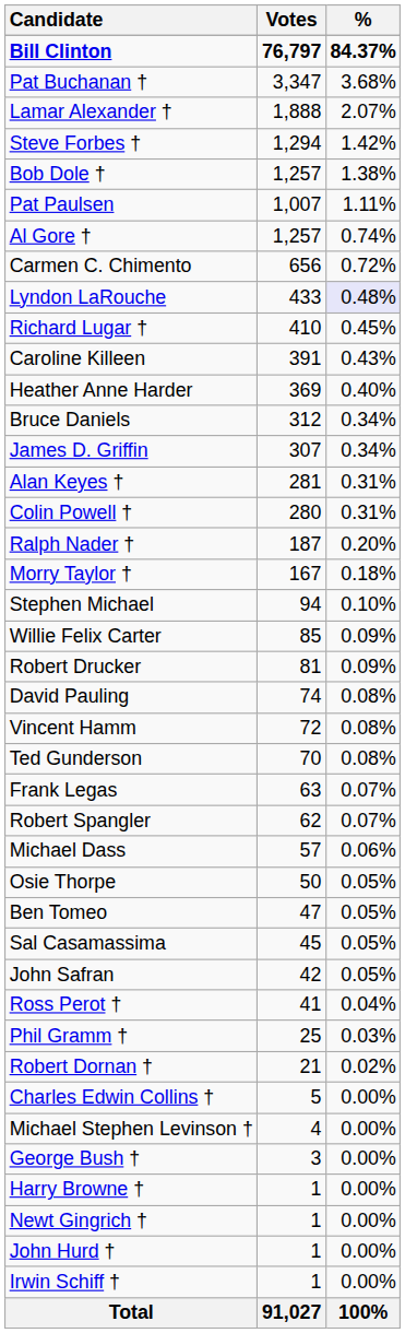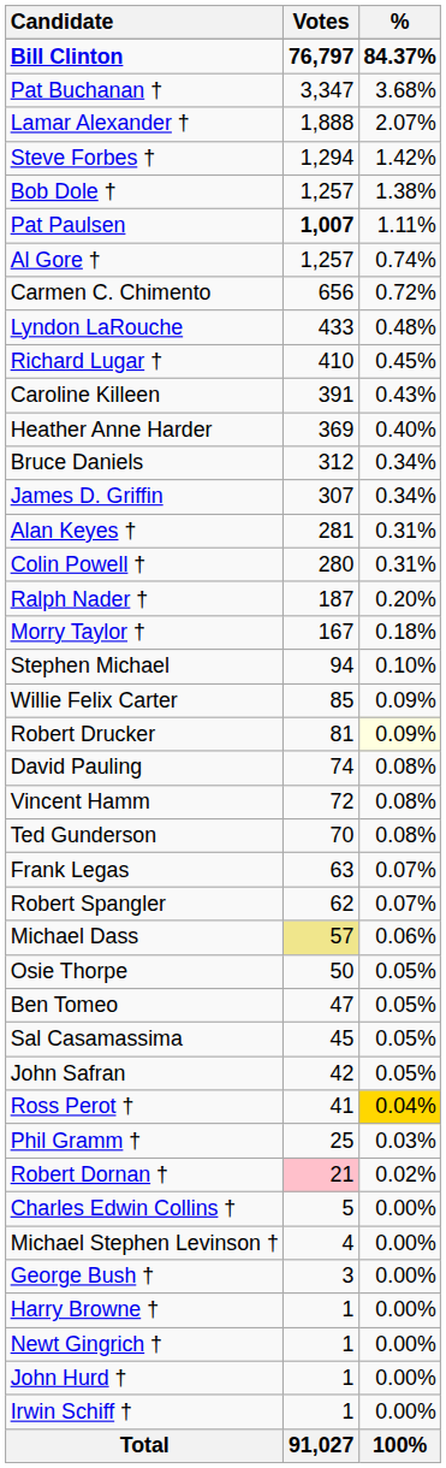 <table class="wikitable sortable plainrowheaders" style="text-align:right;">
 <tr>
 <th style="text-align:left;">Candidate</th>
 <th>Votes</th>
 <th>%</th>
 </tr>
 <tr>
 </tr>
 <tr>
 <td style="text-align:left;"><strong><a href='#'>Bill Clinton</a></strong></td>
 <td><strong>76,797</strong></td>
 <td><strong>84.37%</strong></td>
 </tr>
 <tr>
 <td style="text-align:left;"><a href='#'>Pat Buchanan</a> †</td>
 <td>3,347</td>
 <td>3.68%</td>
 </tr>
 <tr>
 <td style="text-align:left;"><a href='#'>Lamar Alexander</a> †</td>
 <td>1,888</td>
 <td>2.07%</td>
 </tr>
 <tr>
 <td style="text-align:left;"><a href='#'>Steve Forbes</a> †</td>
 <td>1,294</td>
 <td>1.42%</td>
 </tr>
 <tr>
 <td style="text-align:left;"><a href='#'>Bob Dole</a> †</td>
 <td>1,257</td>
 <td>1.38%</td>
 </tr>
 <tr>
 <td style="text-align:left;"><a href='#'>Pat Paulsen</a></td>
-<td>1,007</td>
+<td><strong>1,007</strong></td>
 <td>1.11%</td>
 </tr>
 <tr>
 <td style="text-align:left;"><a href='#'>Al Gore</a> †</td>
 <td>1,257</td>
 <td>0.74%</td>
 </tr>
 <tr>
 <td style="text-align:left;">Carmen C. Chimento</td>
 <td>656</td>
 <td>0.72%</td>
 </tr>
 <tr>
 <td style="text-align:left;"><a href='#'>Lyndon LaRouche</a></td>
 <td>433</td>
-<td style="background: lavender;">0.48%</td>
+<td>0.48%</td>
 </tr>
 <tr>
 <td style="text-align:left;"><a href='#'>Richard Lugar</a> †</td>
 <td>410</td>
 <td>0.45%</td>
 </tr>
 <tr>
 <td style="text-align:left;">Caroline Killeen</td>
 <td>391</td>
 <td>0.43%</td>
 </tr>
 <tr>
 <td style="text-align:left;">Heather Anne Harder</td>
 <td>369</td>
 <td>0.40%</td>
 </tr>
 <tr>
 <td style="text-align:left;">Bruce Daniels</td>
 <td>312</td>
 <td>0.34%</td>
 </tr>
 <tr>
 <td style="text-align:left;"><a href='#'>James D. Griffin</a></td>
 <td>307</td>
 <td>0.34%</td>
 </tr>
 <tr>
 <td style="text-align:left;"><a href='#'>Alan Keyes</a> †</td>
 <td>281</td>
 <td>0.31%</td>
 </tr>
 <tr>
 <td style="text-align:left;"><a href='#'>Colin Powell</a> †</td>
 <td>280</td>
 <td>0.31%</td>
 </tr>
 <tr>
 <td style="text-align:left;"><a href='#'>Ralph Nader</a> †</td>
 <td>187</td>
 <td>0.20%</td>
 </tr>
 <tr>
 <td style="text-align:left;"><a href='#'>Morry Taylor</a> †</td>
 <td>167</td>
 <td>0.18%</td>
 </tr>
 <tr>
 <td style="text-align:left;">Stephen Michael</td>
 <td>94</td>
 <td>0.10%</td>
 </tr>
 <tr>
 <td style="text-align:left;">Willie Felix Carter</td>
 <td>85</td>
 <td>0.09%</td>
 </tr>
 <tr>
 <td style="text-align:left;">Robert Drucker</td>
 <td>81</td>
-<td>0.09%</td>
+<td style="background: lightyellow;">0.09%</td>
 </tr>
 <tr>
 <td style="text-align:left;">David Pauling</td>
 <td>74</td>
 <td>0.08%</td>
 </tr>
 <tr>
 <td style="text-align:left;">Vincent Hamm</td>
 <td>72</td>
 <td>0.08%</td>
 </tr>
 <tr>
 <td style="text-align:left;">Ted Gunderson</td>
 <td>70</td>
 <td>0.08%</td>
 </tr>
 <tr>
 <td style="text-align:left;">Frank Legas</td>
 <td>63</td>
 <td>0.07%</td>
 </tr>
 <tr>
 <td style="text-align:left;">Robert Spangler</td>
 <td>62</td>
 <td>0.07%</td>
 </tr>
 <tr>
 <td style="text-align:left;">Michael Dass</td>
-<td>57</td>
+<td style="background: khaki;">57</td>
 <td>0.06%</td>
 </tr>
 <tr>
 <td style="text-align:left;">Osie Thorpe</td>
 <td>50</td>
 <td>0.05%</td>
 </tr>
 <tr>
 <td style="text-align:left;">Ben Tomeo</td>
 <td>47</td>
 <td>0.05%</td>
 </tr>
 <tr>
 <td style="text-align:left;">Sal Casamassima</td>
 <td>45</td>
 <td>0.05%</td>
 </tr>
 <tr>
 <td style="text-align:left;">John Safran</td>
 <td>42</td>
 <td>0.05%</td>
 </tr>
 <tr>
 <td style="text-align:left;"><a href='#'>Ross Perot</a> †</td>
 <td>41</td>
-<td>0.04%</td>
+<td style="background: gold;">0.04%</td>
 </tr>
 <tr>
 <td style="text-align:left;"><a href='#'>Phil Gramm</a> †</td>
 <td>25</td>
 <td>0.03%</td>
 </tr>
 <tr>
 <td style="text-align:left;"><a href='#'>Robert Dornan</a> †</td>
-<td>21</td>
+<td style="background: pink;">21</td>
 <td>0.02%</td>
 </tr>
 <tr>
 <td style="text-align:left;"><a href='#'>Charles Edwin Collins</a> †</td>
 <td>5</td>
 <td>0.00%</td>
 </tr>
 <tr>
 <td style="text-align:left;">Michael Stephen Levinson †</td>
 <td>4</td>
 <td>0.00%</td>
 </tr>
 <tr>
 <td style="text-align:left;"><a href='#'>George Bush</a> †</td>
 <td>3</td>
 <td>0.00%</td>
 </tr>
 <tr>
 <td style="text-align:left;"><a href='#'>Harry Browne</a> †</td>
 <td>1</td>
 <td>0.00%</td>
 </tr>
 <tr>
 <td style="text-align:left;"><a href='#'>Newt Gingrich</a> †</td>
 <td>1</td>
 <td>0.00%</td>
 </tr>
 <tr>
 <td style="text-align:left;"><a href='#'>John Hurd</a> †</td>
 <td>1</td>
 <td>0.00%</td>
 </tr>
 <tr>
 <td style="text-align:left;"><a href='#'>Irwin Schiff</a> †</td>
 <td>1</td>
 <td>0.00%</td>
 </tr>
 <tr class="sortbottom">
 <th>Total</th>
 <th>91,027</th>
 <th>100%</th>
 </tr>
 </table>
